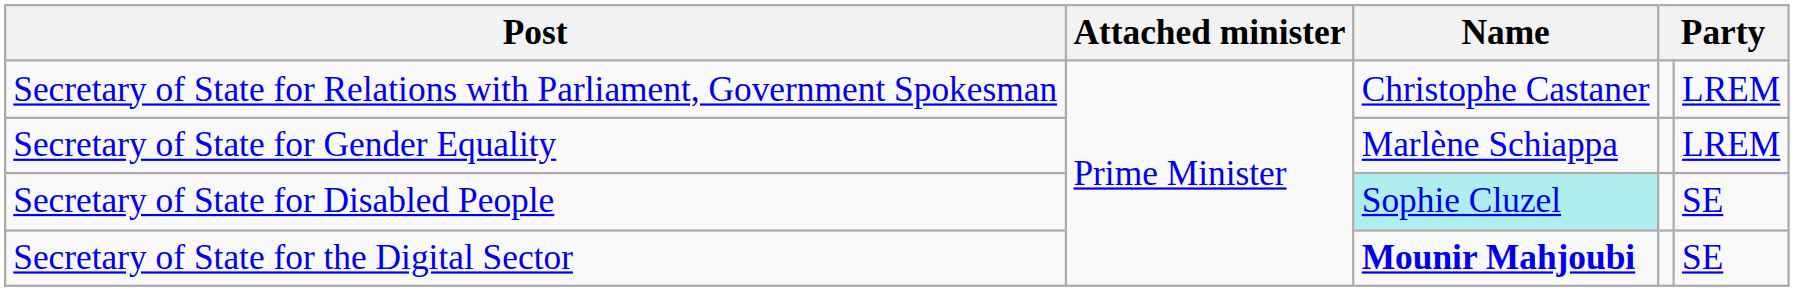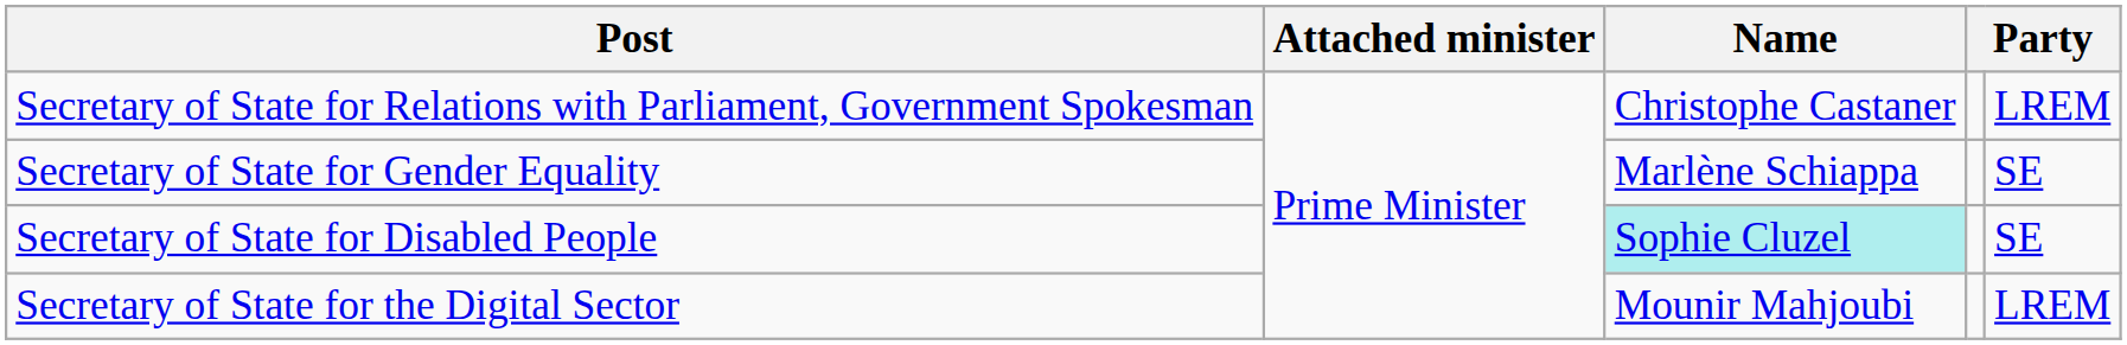 <table class="wikitable">
 <tr>
 <th scope="col">Post</th>
 <th scope="col">Attached minister</th>
 <th scope="col">Name</th>
 <th colspan="2" cope="col">Party</th>
 </tr>
 <tr>
 <td><a href='#'>Secretary of State for Relations with Parliament, Government Spokesman</a></td>
 <td rowspan="4"><a href='#'>Prime Minister</a></td>
 <td><a href='#'>Christophe Castaner</a></td>
 <td style="background:"></td>
 <td><a href='#'>LREM</a></td>
 </tr>
 <tr>
 <td><a href='#'>Secretary of State for Gender Equality</a></td>
 <td><a href='#'>Marlène Schiappa</a></td>
 <td style="background:"></td>
-<td><a href='#'>LREM</a></td>
+<td><a href='#'>SE</a></td>
 </tr>
 <tr>
 <td><a href='#'>Secretary of State for Disabled People</a></td>
 <td style="background: paleturquoise;"><a href='#'>Sophie Cluzel</a></td>
 <td style="background:"></td>
 <td><a href='#'>SE</a></td>
 </tr>
 <tr>
 <td><a href='#'>Secretary of State for the Digital Sector</a></td>
-<td><strong><a href='#'>Mounir Mahjoubi</a></strong></td>
+<td><a href='#'>Mounir Mahjoubi</a></td>
 <td style="background:"></td>
-<td><a href='#'>SE</a></td>
+<td><a href='#'>LREM</a></td>
 </tr>
 </table>
